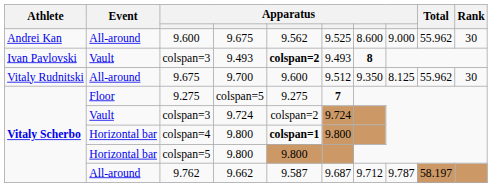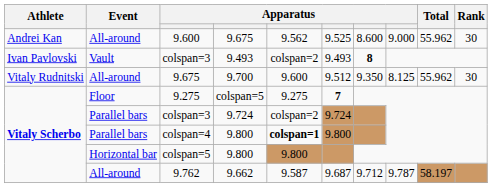 <table class="wikitable" style="font-size:90%">
 <tr>
 <th rowspan=2>Athlete</th>
 <th rowspan=2>Event</th>
 <th colspan =6>Apparatus</th>
 <th rowspan=2>Total</th>
 <th rowspan=2>Rank</th>
 </tr>
 <tr style="font-size:95%">
 <th></th>
 <th></th>
 <th></th>
 <th></th>
 <th></th>
 <th></th>
 </tr>
 <tr align=center>
 <td align=left><a href='#'>Andrei Kan</a></td>
 <td align=left><a href='#'>All-around</a></td>
 <td>9.600</td>
 <td>9.675</td>
 <td>9.562</td>
 <td>9.525</td>
 <td>8.600</td>
 <td>9.000</td>
 <td>55.962</td>
 <td>30</td>
 </tr>
 <tr align=center>
 <td align=left rowspan=1><a href='#'>Ivan Pavlovski</a></td>
 <td align=left><a href='#'>Vault</a></td>
 <td>colspan=3 </td>
 <td>9.493</td>
-<td><strong>colspan=2 </strong></td>
+<td>colspan=2 </td>
 <td>9.493</td>
 <td><strong>8</strong></td>
 </tr>
 <tr align=center>
 <td align=left><a href='#'>Vitaly Rudnitski</a></td>
 <td align=left><a href='#'>All-around</a></td>
 <td>9.675</td>
 <td>9.700</td>
 <td>9.600</td>
 <td>9.512</td>
 <td>9.350</td>
 <td>8.125</td>
 <td>55.962</td>
 <td>30</td>
 </tr>
 <tr align=center>
 <td align=left rowspan=5><strong><a href='#'>Vitaly Scherbo</a></strong></td>
 <td align=left><a href='#'>Floor</a></td>
 <td>9.275</td>
 <td>colspan=5 </td>
 <td>9.275</td>
 <td><strong>7</strong></td>
 </tr>
 <tr align=center>
-<td align=left><a href='#'>Vault</a></td>
+<td align=left><a href='#'>Parallel bars</a></td>
 <td>colspan=3 </td>
 <td>9.724</td>
 <td>colspan=2 </td>
 <td align="center" bgcolor='cc9966'>9.724</td>
 <td align="center" bgcolor='cc9966'></td>
 </tr>
 <tr align=center>
-<td align=left><a href='#'>Horizontal bar</a></td>
+<td align=left><a href='#'>Parallel bars</a></td>
 <td>colspan=4 </td>
 <td>9.800</td>
 <td><strong>colspan=1 </strong></td>
 <td align="center" bgcolor='cc9966'>9.800</td>
 <td align="center" bgcolor='cc9966'></td>
 </tr>
 <tr align=center>
 <td align=left><a href='#'>Horizontal bar</a></td>
 <td>colspan=5 </td>
 <td>9.800</td>
 <td align="center" bgcolor='cc9966'>9.800</td>
 <td align="center" bgcolor='cc9966'></td>
 </tr>
 <tr align=center>
 <td align=left><a href='#'>All-around</a></td>
 <td>9.762</td>
 <td>9.662</td>
 <td>9.587</td>
 <td>9.687</td>
 <td>9.712</td>
 <td>9.787</td>
 <td align="center" bgcolor='cc9966'>58.197</td>
 <td align="center" bgcolor='cc9966'></td>
 </tr>
 </table>
